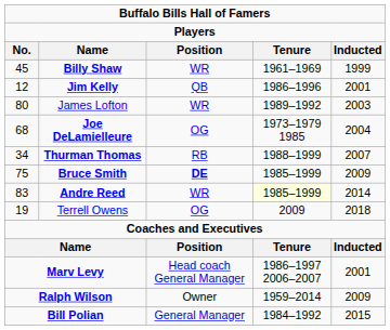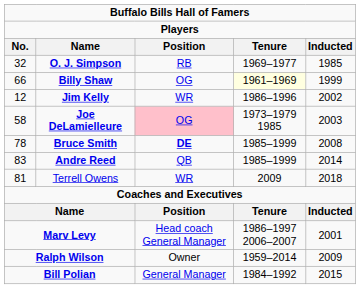 <table class="wikitable" style="text-align:center">
 <tr>
 <td colspan="5"><strong>Buffalo Bills Hall of Famers</strong></td>
 </tr>
 <tr>
 <td colspan="5"><strong>Players</strong></td>
 </tr>
 <tr>
 <th width=40px>No.</th>
 <th width=140px>Name</th>
 <th width=40px>Position</th>
 <th width=100px>Tenure</th>
 <th width=40px>Inducted</th>
 </tr>
 <tr>
-<td>45</td>
+<td>32</td>
+<td><strong><a href='#'>O. J. Simpson</a></strong></td>
+<td><a href='#'>RB</a></td>
+<td>1969–1977</td>
+<td>1985</td>
+</tr>
+<tr>
+<td>66</td>
 <td><strong><a href='#'>Billy Shaw</a></strong></td>
-<td><a href='#'>WR</a></td>
-<td>1961–1969</td>
+<td><a href='#'>OG</a></td>
+<td style="background: lightyellow;">1961–1969</td>
 <td>1999</td>
 </tr>
 <tr>
 <td>12</td>
 <td><strong><a href='#'>Jim Kelly</a></strong></td>
-<td><a href='#'>QB</a></td>
+<td><a href='#'>WR</a></td>
 <td>1986–1996</td>
-<td>2001</td>
+<td>2002</td>
 </tr>
 <tr>
-<td>80</td>
-<td><a href='#'>James Lofton</a></td>
-<td><a href='#'>WR</a></td>
-<td>1989–1992</td>
+<td>58</td>
+<td><strong><a href='#'>Joe DeLamielleure</a></strong></td>
+<td style="background: pink;"><a href='#'>OG</a></td>
+<td>1973–1979<br>1985</td>
 <td>2003</td>
 </tr>
 <tr>
-<td>68</td>
-<td><strong><a href='#'>Joe DeLamielleure</a></strong></td>
-<td><a href='#'>OG</a></td>
-<td>1973–1979<br>1985</td>
-<td>2004</td>
-</tr>
-<tr>
-<td>34</td>
-<td><strong><a href='#'>Thurman Thomas</a></strong></td>
-<td><a href='#'>RB</a></td>
-<td>1988–1999</td>
-<td>2007</td>
-</tr>
-<tr>
-<td>75</td>
+<td>78</td>
 <td><strong><a href='#'>Bruce Smith</a></strong></td>
 <td><strong><a href='#'>DE</a></strong></td>
 <td>1985–1999</td>
-<td>2009</td>
+<td>2008</td>
 </tr>
 <tr>
 <td>83</td>
 <td><strong><a href='#'>Andre Reed</a></strong></td>
-<td><a href='#'>WR</a></td>
-<td style="background: lightyellow;">1985–1999</td>
+<td><a href='#'>QB</a></td>
+<td>1985–1999</td>
 <td>2014</td>
 </tr>
 <tr>
-<td>19</td>
+<td>81</td>
 <td><a href='#'>Terrell Owens</a></td>
-<td><a href='#'>OG</a></td>
+<td><a href='#'>WR</a></td>
 <td>2009</td>
 <td>2018</td>
 </tr>
 <tr>
 <td colspan="5"><strong>Coaches and Executives</strong></td>
 </tr>
 <tr>
 <th width=140px colspan=2>Name</th>
 <th width=140px>Position</th>
 <th width=100px>Tenure</th>
 <th width=40px>Inducted</th>
 </tr>
 <tr>
 <td colspan=2><strong><a href='#'>Marv Levy</a></strong></td>
 <td><a href='#'>Head coach</a><br><a href='#'>General Manager</a></td>
 <td>1986–1997<br>2006–2007</td>
 <td>2001</td>
 </tr>
 <tr>
 <td colspan=2><strong><a href='#'>Ralph Wilson</a></strong></td>
 <td>Owner</td>
 <td>1959–2014</td>
 <td>2009</td>
 </tr>
 <tr>
 <td colspan=2><strong><a href='#'>Bill Polian</a></strong></td>
 <td><a href='#'>General Manager</a></td>
 <td>1984–1992</td>
 <td>2015</td>
 </tr>
 </table>
